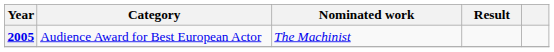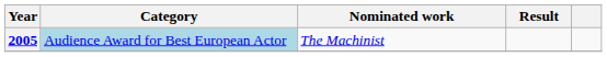 <table class="wikitable sortable">
 <tr>
 <th style="width:6%;" scope="col">Year</th>
 <th style="width:43%;" scope="col">Category</th>
 <th style="width:35%;" scope="col">Nominated work</th>
 <th style="width:11%;" scope="col">Result</th>
 <th style="width:5%;" scope="col" class="unsortable"></th>
 </tr>
 <tr>
 <th scope="row" style="text-align:center;"><a href='#'>2005</a></th>
-<td><a href='#'>Audience Award for Best European Actor</a></td>
+<td style="background: lightblue;"><a href='#'>Audience Award for Best European Actor</a></td>
 <td><em><a href='#'>The Machinist</a></em></td>
 <td></td>
 <td style="text-align:center;"></td>
 </tr>
 <tr>
 </tr>
 </table>
